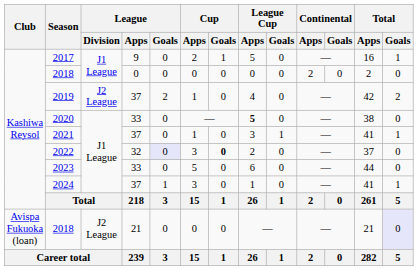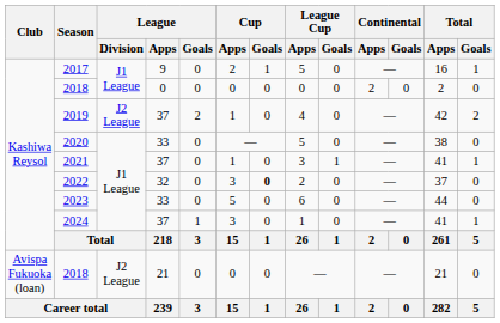 <table class="wikitable" style="text-align:center;">
 <tr>
 <th rowspan=2>Club</th>
 <th rowspan=2>Season</th>
 <th colspan=3>League</th>
 <th colspan=2>Cup</th>
 <th colspan=2>League Cup</th>
 <th colspan=2>Continental</th>
 <th colspan=2>Total</th>
 </tr>
 <tr>
 <th>Division</th>
 <th>Apps</th>
 <th>Goals</th>
 <th>Apps</th>
 <th>Goals</th>
 <th>Apps</th>
 <th>Goals</th>
 <th>Apps</th>
 <th>Goals</th>
 <th>Apps</th>
 <th>Goals</th>
 </tr>
 <tr>
 <td rowspan="9"><a href='#'>Kashiwa Reysol</a></td>
 <td><a href='#'>2017</a></td>
 <td rowspan="2"><a href='#'>J1 League</a></td>
 <td>9</td>
 <td>0</td>
 <td>2</td>
 <td>1</td>
 <td>5</td>
 <td>0</td>
 <td colspan=2>—</td>
 <td>16</td>
 <td>1</td>
 </tr>
 <tr>
 <td><a href='#'>2018</a></td>
 <td>0</td>
 <td>0</td>
 <td>0</td>
 <td>0</td>
 <td>0</td>
 <td>0</td>
 <td>2</td>
 <td>0</td>
 <td>2</td>
 <td>0</td>
 </tr>
 <tr>
 <td><a href='#'>2019</a></td>
 <td><a href='#'>J2 League</a></td>
 <td>37</td>
 <td>2</td>
 <td>1</td>
 <td>0</td>
 <td>4</td>
 <td>0</td>
 <td colspan=2>—</td>
 <td>42</td>
 <td>2</td>
 </tr>
 <tr>
 <td><a href='#'>2020</a></td>
 <td rowspan="5">J1 League</td>
 <td>33</td>
 <td>0</td>
 <td colspan=2>—</td>
-<td><strong>5</strong></td>
+<td>5</td>
 <td>0</td>
 <td colspan=2>—</td>
 <td>38</td>
 <td>0</td>
 </tr>
 <tr>
 <td><a href='#'>2021</a></td>
 <td>37</td>
 <td>0</td>
 <td>1</td>
 <td>0</td>
 <td>3</td>
 <td>1</td>
 <td colspan=2>—</td>
 <td>41</td>
 <td>1</td>
 </tr>
 <tr>
 <td><a href='#'>2022</a></td>
 <td>32</td>
-<td style="background: lavender;">0</td>
+<td>0</td>
 <td>3</td>
 <td><strong>0</strong></td>
 <td>2</td>
 <td>0</td>
 <td colspan=2>—</td>
 <td>37</td>
 <td>0</td>
 </tr>
 <tr>
 <td><a href='#'>2023</a></td>
 <td>33</td>
 <td>0</td>
 <td>5</td>
 <td>0</td>
 <td>6</td>
 <td>0</td>
 <td colspan=2>—</td>
 <td>44</td>
 <td>0</td>
 </tr>
 <tr>
 <td><a href='#'>2024</a></td>
 <td>37</td>
 <td>1</td>
 <td>3</td>
 <td>0</td>
 <td>1</td>
 <td>0</td>
 <td colspan=2>—</td>
 <td>41</td>
 <td>1</td>
 </tr>
 <tr>
 <th colspan=2>Total</th>
 <th>218</th>
 <th>3</th>
 <th>15</th>
 <th>1</th>
 <th>26</th>
 <th>1</th>
 <th>2</th>
 <th>0</th>
 <th>261</th>
 <th>5</th>
 </tr>
 <tr>
 <td><a href='#'>Avispa Fukuoka</a> (loan)</td>
 <td><a href='#'>2018</a></td>
 <td>J2 League</td>
 <td>21</td>
 <td>0</td>
 <td>0</td>
 <td>0</td>
 <td colspan=2>—</td>
 <td colspan=2>—</td>
 <td>21</td>
-<td style="background: lavender;">0</td>
+<td>0</td>
 </tr>
 <tr>
 <th colspan=3>Career total</th>
 <th>239</th>
 <th>3</th>
 <th>15</th>
 <th>1</th>
 <th>26</th>
 <th>1</th>
 <th>2</th>
 <th>0</th>
 <th>282</th>
 <th>5</th>
 </tr>
 </table>
